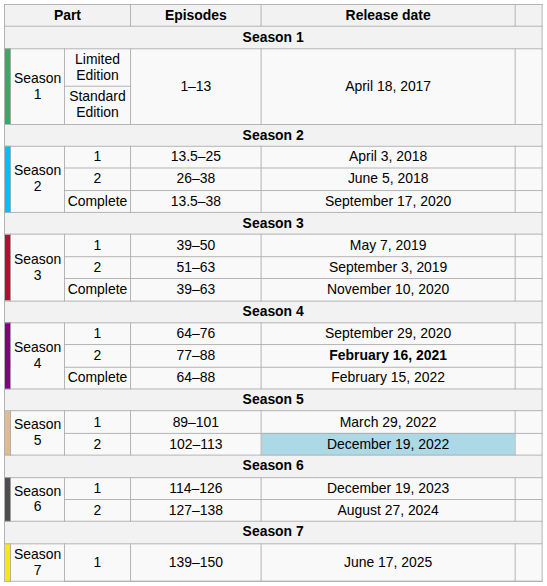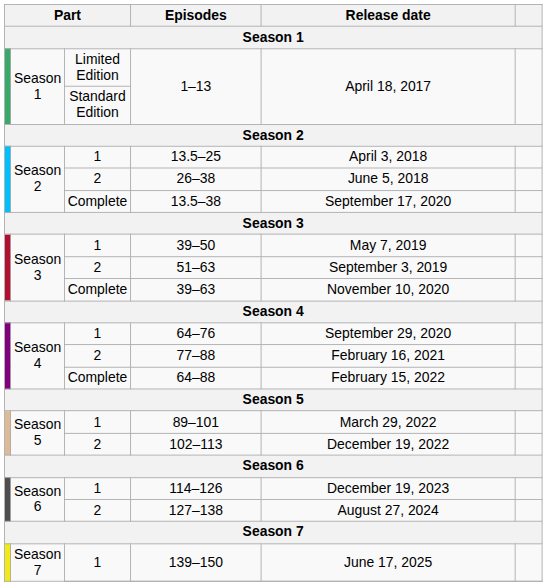 <table class="wikitable" style="text-align:center; width: 70%;">
 <tr>
 <th colspan="3" width="20%">Part</th>
 <th>Episodes</th>
 <th>Release date</th>
 <th width="5%"></th>
 </tr>
 <tr>
 <th colspan="7">Season 1</th>
 </tr>
 <tr>
 <td rowspan="2" width="1%" style="background: #38A969"></td>
 <td rowspan="2">Season 1</td>
 <td>Limited Edition</td>
 <td rowspan="2">1–13</td>
 <td rowspan="2">April 18, 2017</td>
 <td rowspan="2"></td>
 </tr>
 <tr>
 <td>Standard Edition</td>
 </tr>
 <tr>
 <th colspan="7">Season 2</th>
 </tr>
 <tr>
 <td rowspan="3" width="1%" style="background: #00BFFF"></td>
 <td rowspan="3">Season 2</td>
 <td>1</td>
 <td>13.5–25</td>
 <td>April 3, 2018</td>
 <td></td>
 </tr>
 <tr>
 <td>2</td>
 <td>26–38</td>
 <td>June 5, 2018</td>
 <td></td>
 </tr>
 <tr>
 <td>Complete</td>
 <td>13.5–38</td>
 <td>September 17, 2020</td>
 <td></td>
 </tr>
 <tr>
 <th colspan="7">Season 3</th>
 </tr>
 <tr>
 <td rowspan="3" width="1%" style="background: #B11030"></td>
 <td rowspan="3">Season 3</td>
 <td>1</td>
 <td>39–50</td>
 <td>May 7, 2019</td>
 <td></td>
 </tr>
 <tr>
 <td>2</td>
 <td>51–63</td>
 <td>September 3, 2019</td>
 <td></td>
 </tr>
 <tr>
 <td>Complete</td>
 <td>39–63</td>
 <td>November 10, 2020</td>
 <td></td>
 </tr>
 <tr>
 <th colspan="7">Season 4</th>
 </tr>
 <tr>
 <td rowspan="3" width="1%" style="background: #800080"></td>
 <td rowspan="3">Season 4</td>
 <td>1</td>
 <td>64–76</td>
 <td>September 29, 2020</td>
 <td></td>
 </tr>
 <tr>
 <td>2</td>
 <td>77–88</td>
-<td><strong>February 16, 2021</strong></td>
+<td>February 16, 2021</td>
 <td></td>
 </tr>
 <tr>
 <td>Complete</td>
 <td>64–88</td>
 <td>February 15, 2022</td>
 <td></td>
 </tr>
 <tr>
 <th colspan="7">Season 5</th>
 </tr>
 <tr>
 <td rowspan="2" width="1%" style="background: #DDBB97"></td>
 <td rowspan="2">Season 5</td>
 <td>1</td>
 <td>89–101</td>
 <td>March 29, 2022</td>
 <td></td>
 </tr>
 <tr>
 <td>2</td>
 <td>102–113</td>
-<td style="background: lightblue;">December 19, 2022</td>
+<td>December 19, 2022</td>
 <td></td>
 </tr>
 <tr>
 <th colspan="7">Season 6</th>
 </tr>
 <tr>
 <td rowspan="2" width="1%" style="background: #4F4D4E"></td>
 <td rowspan="2">Season 6</td>
 <td>1</td>
 <td>114–126</td>
 <td>December 19, 2023</td>
 <td></td>
 </tr>
 <tr>
 <td>2</td>
 <td>127–138</td>
 <td>August 27, 2024</td>
 <td></td>
 </tr>
 <tr>
 <th colspan="7">Season 7</th>
 </tr>
 <tr>
 <td rowspan="2" width="1%" style="background: #F2EA16"></td>
 <td rowspan="2">Season 7</td>
 <td>1</td>
 <td>139–150</td>
 <td>June 17, 2025</td>
 <td></td>
 </tr>
 <tr>
 </tr>
 </table>
